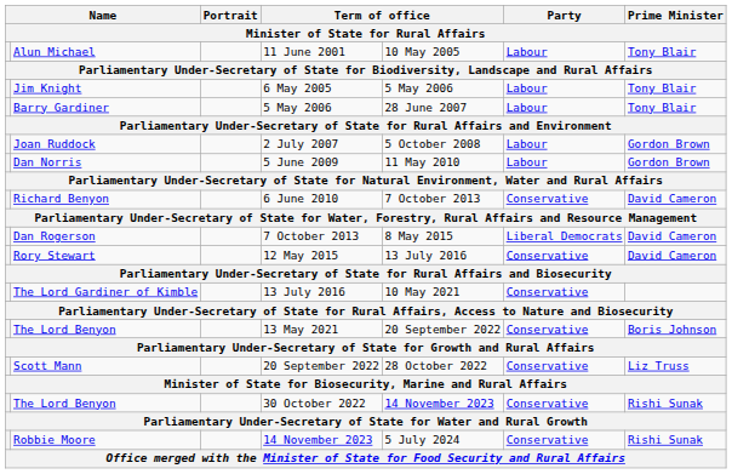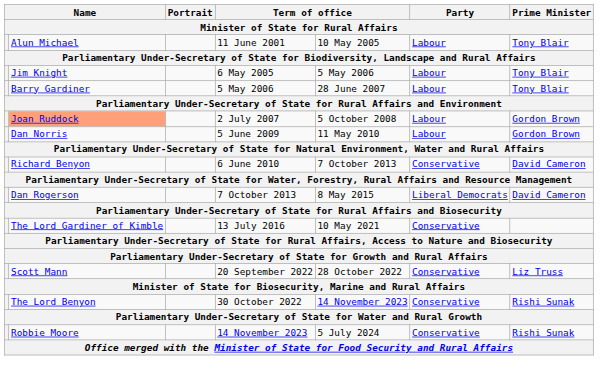 <table class="wikitable">
 <tr>
 <th colspan=2>Name</th>
 <th>Portrait</th>
 <th colspan="2">Term of office</th>
 <th>Party</th>
 <th>Prime Minister</th>
 </tr>
 <tr>
 <th colspan=7>Minister of State for Rural Affairs</th>
 </tr>
 <tr>
 <th style="background-color: "></th>
 <td><a href='#'>Alun Michael</a></td>
 <td></td>
 <td>11 June 2001</td>
 <td>10 May 2005</td>
 <td><a href='#'>Labour</a></td>
 <td><a href='#'>Tony Blair</a></td>
 </tr>
 <tr>
 <th colspan=7>Parliamentary Under-Secretary of State for Biodiversity, Landscape and Rural Affairs</th>
 </tr>
 <tr>
 <th style="background-color: "></th>
 <td><a href='#'>Jim Knight</a></td>
 <td></td>
 <td>6 May 2005</td>
 <td>5 May 2006</td>
 <td><a href='#'>Labour</a></td>
 <td><a href='#'>Tony Blair</a></td>
 </tr>
 <tr>
 <th style="background-color: "></th>
 <td><a href='#'>Barry Gardiner</a></td>
 <td></td>
 <td>5 May 2006</td>
 <td>28 June 2007</td>
 <td><a href='#'>Labour</a></td>
 <td><a href='#'>Tony Blair</a></td>
 </tr>
 <tr>
 <th colspan=7>Parliamentary Under-Secretary of State for Rural Affairs and Environment</th>
 </tr>
 <tr>
 <th style="background-color: "></th>
-<td><a href='#'>Joan Ruddock</a></td>
+<td style="background: lightsalmon;"><a href='#'>Joan Ruddock</a></td>
 <td></td>
 <td>2 July 2007</td>
 <td>5 October 2008</td>
 <td><a href='#'>Labour</a></td>
 <td><a href='#'>Gordon Brown</a></td>
 </tr>
 <tr>
 <th style="background-color: "></th>
 <td><a href='#'>Dan Norris</a></td>
 <td></td>
 <td>5 June 2009</td>
 <td>11 May 2010</td>
 <td><a href='#'>Labour</a></td>
 <td><a href='#'>Gordon Brown</a></td>
 </tr>
 <tr>
 <th colspan=7>Parliamentary Under-Secretary of State for Natural Environment, Water and Rural Affairs</th>
 </tr>
 <tr>
 <th style="background-color: "></th>
 <td><a href='#'>Richard Benyon</a></td>
 <td></td>
 <td>6 June 2010</td>
 <td>7 October 2013</td>
 <td><a href='#'>Conservative</a></td>
 <td><a href='#'>David Cameron</a></td>
 </tr>
 <tr>
 <th colspan=7>Parliamentary Under-Secretary of State for Water, Forestry, Rural Affairs and Resource Management</th>
 </tr>
 <tr>
 <th style="background-color: "></th>
 <td><a href='#'>Dan Rogerson</a></td>
 <td></td>
 <td>7 October 2013</td>
 <td>8 May 2015</td>
 <td><a href='#'>Liberal Democrats</a></td>
 <td><a href='#'>David Cameron</a></td>
 </tr>
 <tr>
-<th style="background-color: "></th>
-<td><a href='#'>Rory Stewart</a></td>
-<td></td>
-<td>12 May 2015</td>
-<td>13 July 2016</td>
-<td><a href='#'>Conservative</a></td>
-<td><a href='#'>David Cameron</a></td>
-</tr>
-<tr>
 <th colspan=7>Parliamentary Under-Secretary of State for Rural Affairs and Biosecurity</th>
 </tr>
 <tr>
 <th style="background-color: "></th>
 <td><a href='#'>The Lord Gardiner of Kimble</a></td>
 <td></td>
 <td>13 July 2016</td>
 <td>10 May 2021</td>
 <td><a href='#'>Conservative</a></td>
 <td></td>
 </tr>
 <tr>
 <th colspan=7>Parliamentary Under-Secretary of State for Rural Affairs, Access to Nature and Biosecurity</th>
-</tr>
-<tr>
-<th style="background-color: "></th>
-<td><a href='#'>The Lord Benyon</a></td>
-<td></td>
-<td>13 May 2021</td>
-<td>20 September 2022</td>
-<td><a href='#'>Conservative</a></td>
-<td><a href='#'>Boris Johnson</a></td>
 </tr>
 <tr>
 <th colspan=7>Parliamentary Under-Secretary of State for Growth and Rural Affairs</th>
 </tr>
 <tr>
 <th style="background-color: "></th>
 <td><a href='#'>Scott Mann</a></td>
 <td></td>
 <td>20 September 2022</td>
 <td>28 October 2022</td>
 <td><a href='#'>Conservative</a></td>
 <td><a href='#'>Liz Truss</a></td>
 </tr>
 <tr>
 <th colspan=7>Minister of State for Biosecurity, Marine and Rural Affairs</th>
 </tr>
 <tr>
 <th style="background-color: "></th>
 <td><a href='#'>The Lord Benyon</a></td>
 <td></td>
 <td>30 October 2022</td>
 <td><a href='#'>14 November 2023</a></td>
 <td><a href='#'>Conservative</a></td>
 <td><a href='#'>Rishi Sunak</a></td>
 </tr>
 <tr>
 <th colspan=7>Parliamentary Under-Secretary of State for Water and Rural Growth</th>
 </tr>
 <tr>
 <th style="background-color: "></th>
 <td><a href='#'>Robbie Moore</a></td>
 <td></td>
 <td><a href='#'>14 November 2023</a></td>
 <td>5 July 2024</td>
 <td><a href='#'>Conservative</a></td>
 <td><a href='#'>Rishi Sunak</a></td>
 </tr>
 <tr>
 <th colspan="7"><em>Office merged with the <a href='#'>Minister of State for Food Security and Rural Affairs</a></em></th>
 </tr>
 </table>
